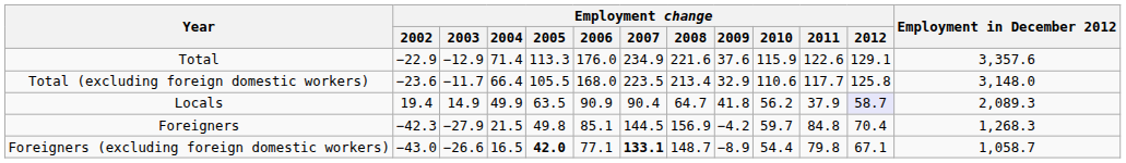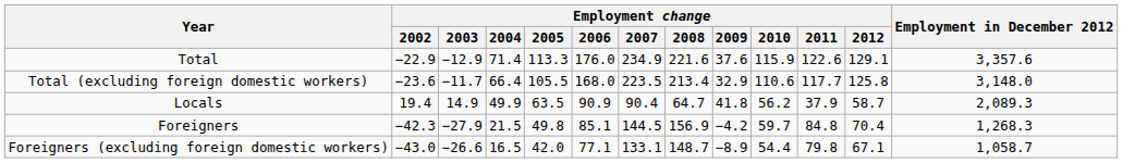 <table class="wikitable" style="text-align:center;">
 <tr>
 <th rowspan="2">Year</th>
 <th colspan="11">Employment <em>change</em></th>
 <th rowspan="2">Employment in December 2012</th>
 </tr>
 <tr>
 <th>2002</th>
 <th>2003</th>
 <th>2004</th>
 <th>2005</th>
 <th>2006</th>
 <th>2007</th>
 <th>2008</th>
 <th>2009</th>
 <th>2010</th>
 <th>2011</th>
 <th>2012</th>
 </tr>
 <tr>
 <td>Total</td>
 <td>−22.9</td>
 <td>−12.9</td>
 <td>71.4</td>
 <td>113.3</td>
 <td>176.0</td>
 <td>234.9</td>
 <td>221.6</td>
 <td>37.6</td>
 <td>115.9</td>
 <td>122.6</td>
 <td>129.1</td>
 <td>3,357.6</td>
 </tr>
 <tr>
 <td>Total (excluding foreign domestic workers)</td>
 <td>−23.6</td>
 <td>−11.7</td>
 <td>66.4</td>
 <td>105.5</td>
 <td>168.0</td>
 <td>223.5</td>
 <td>213.4</td>
 <td>32.9</td>
 <td>110.6</td>
 <td>117.7</td>
 <td>125.8</td>
 <td>3,148.0</td>
 </tr>
 <tr>
 <td>Locals</td>
 <td>19.4</td>
 <td>14.9</td>
 <td>49.9</td>
 <td>63.5</td>
 <td>90.9</td>
 <td>90.4</td>
 <td>64.7</td>
 <td>41.8</td>
 <td>56.2</td>
 <td>37.9</td>
-<td style="background: lavender;">58.7</td>
+<td>58.7</td>
 <td>2,089.3</td>
 </tr>
 <tr>
 <td>Foreigners</td>
 <td>−42.3</td>
 <td>−27.9</td>
 <td>21.5</td>
 <td>49.8</td>
 <td>85.1</td>
 <td>144.5</td>
 <td>156.9</td>
 <td>−4.2</td>
 <td>59.7</td>
 <td>84.8</td>
 <td>70.4</td>
 <td>1,268.3</td>
 </tr>
 <tr>
 <td>Foreigners (excluding foreign domestic workers)</td>
 <td>−43.0</td>
 <td>−26.6</td>
 <td>16.5</td>
-<td><strong>42.0</strong></td>
+<td>42.0</td>
 <td>77.1</td>
-<td><strong>133.1</strong></td>
+<td>133.1</td>
 <td>148.7</td>
 <td>−8.9</td>
 <td>54.4</td>
 <td>79.8</td>
 <td>67.1</td>
 <td>1,058.7</td>
 </tr>
 </table>
